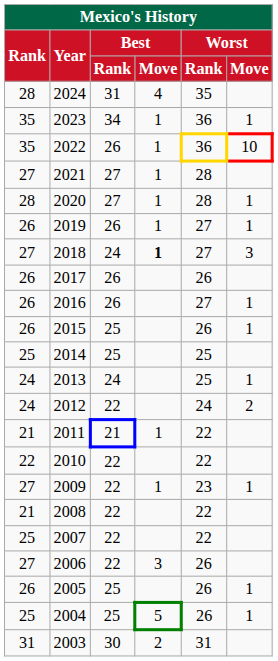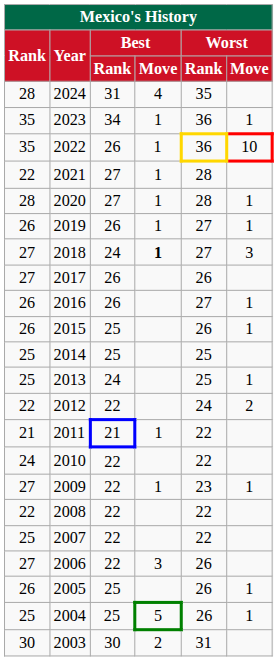 <table class="wikitable sortable" style="text-align:center;">
 <tr>
 <th colspan=9 style="background: #006847; color: #FFFFFF;"> Mexico's <a href='#'></a> History</th>
 </tr>
 <tr>
 <th rowspan=2 style="background-color: #CE1125; color: #FFFFFF;">Rank</th>
 <th rowspan=2 style="background-color: #CE1125; color: #FFFFFF;">Year</th>
 <th colspan=2 style="background-color: #CE1125; color: #FFFFFF;">Best</th>
 <th colspan=2 style="background-color: #CE1125; color: #FFFFFF;">Worst</th>
 </tr>
 <tr>
 <th style="background-color: #CE1125; color: #FFFFFF;">Rank</th>
 <th style="background-color: #CE1125; color: #FFFFFF;">Move</th>
 <th style="background-color: #CE1125; color: #FFFFFF;">Rank</th>
 <th style="background-color: #CE1125; color: #FFFFFF;">Move</th>
 </tr>
 <tr>
 <td>28</td>
 <td>2024</td>
 <td>31</td>
 <td> 4</td>
 <td>35</td>
 <td></td>
 </tr>
 <tr>
 <td>35</td>
 <td>2023</td>
 <td>34</td>
 <td> 1</td>
 <td>36</td>
 <td> 1</td>
 </tr>
 <tr>
 <td>35</td>
 <td>2022</td>
 <td>26</td>
 <td> 1</td>
 <td style="border: 3px solid gold">36</td>
 <td style="border: 3px solid red"> 10</td>
 </tr>
 <tr>
-<td>27</td>
+<td>22</td>
 <td>2021</td>
 <td>27</td>
 <td> 1</td>
 <td>28</td>
 <td></td>
 </tr>
 <tr>
 <td>28</td>
 <td>2020</td>
 <td>27</td>
 <td> 1</td>
 <td>28</td>
 <td> 1</td>
 </tr>
 <tr>
 <td>26</td>
 <td>2019</td>
 <td>26</td>
 <td> 1</td>
 <td>27</td>
 <td> 1</td>
 </tr>
 <tr>
 <td>27</td>
 <td>2018</td>
 <td>24</td>
 <td><strong> 1</strong></td>
 <td>27</td>
 <td> 3</td>
 </tr>
 <tr>
-<td>26</td>
+<td>27</td>
 <td>2017</td>
 <td>26</td>
 <td></td>
 <td>26</td>
 <td></td>
 </tr>
 <tr>
 <td>26</td>
 <td>2016</td>
 <td>26</td>
 <td></td>
 <td>27</td>
 <td> 1</td>
 </tr>
 <tr>
 <td>26</td>
 <td>2015</td>
 <td>25</td>
 <td></td>
 <td>26</td>
 <td> 1</td>
 </tr>
 <tr>
 <td>25</td>
 <td>2014</td>
 <td>25</td>
 <td></td>
 <td>25</td>
 <td></td>
 </tr>
 <tr>
-<td>24</td>
+<td>25</td>
 <td>2013</td>
 <td>24</td>
 <td></td>
 <td>25</td>
 <td> 1</td>
 </tr>
 <tr>
-<td>24</td>
+<td>22</td>
 <td>2012</td>
 <td>22</td>
 <td></td>
 <td>24</td>
 <td> 2</td>
 </tr>
 <tr>
 <td>21</td>
 <td>2011</td>
 <td style="border: 3px solid blue">21</td>
 <td> 1</td>
 <td>22</td>
 <td></td>
 </tr>
 <tr>
-<td>22</td>
+<td>24</td>
 <td>2010</td>
 <td>22</td>
 <td></td>
 <td>22</td>
 <td></td>
 </tr>
 <tr>
 <td>27</td>
 <td>2009</td>
 <td>22</td>
 <td> 1</td>
 <td>23</td>
 <td> 1</td>
 </tr>
 <tr>
-<td>21</td>
+<td>22</td>
 <td>2008</td>
 <td>22</td>
 <td></td>
 <td>22</td>
 <td></td>
 </tr>
 <tr>
 <td>25</td>
 <td>2007</td>
 <td>22</td>
 <td></td>
 <td>22</td>
 <td></td>
 </tr>
 <tr>
 <td>27</td>
 <td>2006</td>
 <td>22</td>
 <td> 3</td>
 <td>26</td>
 <td></td>
 </tr>
 <tr>
 <td>26</td>
 <td>2005</td>
 <td>25</td>
 <td></td>
 <td>26</td>
 <td> 1</td>
 </tr>
 <tr>
 <td>25</td>
 <td>2004</td>
 <td>25</td>
 <td style="border: 3px solid green"> 5</td>
 <td>26</td>
 <td> 1</td>
 </tr>
 <tr>
-<td>31</td>
+<td>30</td>
 <td>2003</td>
 <td>30</td>
 <td> 2</td>
 <td>31</td>
 <td></td>
 </tr>
 </table>
